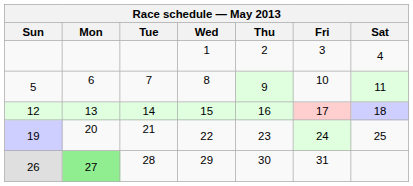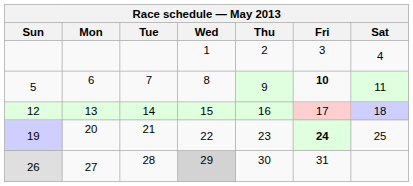 <table class="wikitable" style="text-align:center; font-size:95%">
 <tr valign="top">
 <th colspan=7>Race schedule — May 2013</th>
 </tr>
 <tr>
 <th scope="col" width="70">Sun</th>
 <th scope="col" width="70">Mon</th>
 <th scope="col" width="70">Tue</th>
 <th scope="col" width="70">Wed</th>
 <th scope="col" width="70">Thu</th>
 <th scope="col" width="70">Fri</th>
 <th scope="col" width="70">Sat</th>
 </tr>
 <tr>
 <td> </td>
 <td> </td>
 <td> </td>
 <td>1<br> </td>
 <td>2<br> </td>
 <td>3<br> </td>
 <td>4<br></td>
 </tr>
 <tr>
 <td>5<br></td>
 <td>6<br> </td>
 <td>7<br> </td>
 <td>8<br> </td>
 <td style="background:#DFFFDF;">9<br></td>
-<td>10<br> </td>
+<td><strong>10<br> </strong></td>
 <td style="background:#DFFFDF;">11<br></td>
 </tr>
 <tr>
 <td style="background:#DFFFDF;">12<br></td>
 <td style="background:#DFFFDF;">13<br></td>
 <td style="background:#DFFFDF;">14<br></td>
 <td style="background:#DFFFDF;">15<br></td>
 <td style="background:#DFFFDF;">16<br></td>
 <td style="background:#FFCFCF;">17<br></td>
 <td style="background:#CFCFFF;">18<br></td>
 </tr>
 <tr>
 <td style="background:#CFCFFF;">19<br></td>
 <td>20<br> </td>
 <td>21<br> </td>
 <td>22<br></td>
 <td>23<br></td>
-<td style="background:#DFFFDF;">24<br></td>
+<td style="background:#DFFFDF;"><strong>24<br></strong></td>
 <td>25<br></td>
 </tr>
 <tr>
 <td style="background:#DFDFDF;">26<br></td>
-<td style="background: lightgreen;">27<br></td>
+<td>27<br></td>
 <td>28<br> </td>
-<td>29<br> </td>
+<td style="background: lightgrey;">29<br> </td>
 <td>30<br> </td>
 <td>31<br> </td>
 <td> </td>
 </tr>
 </table>
